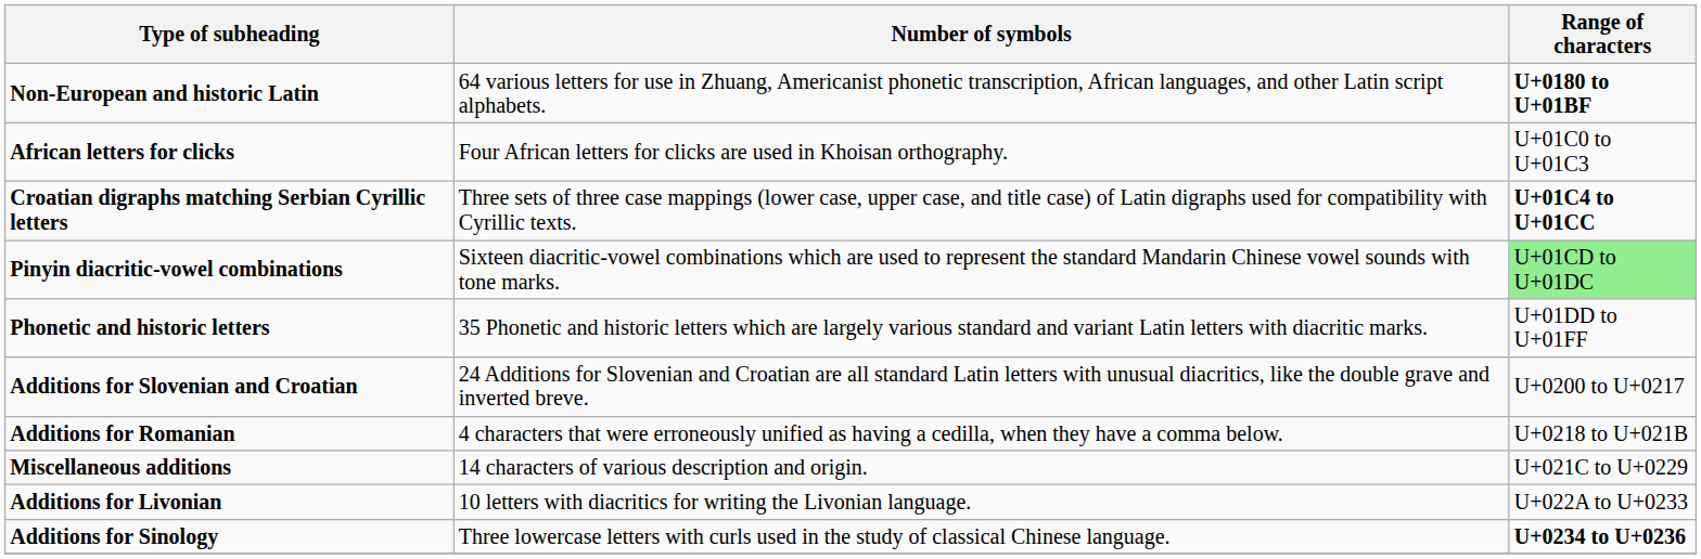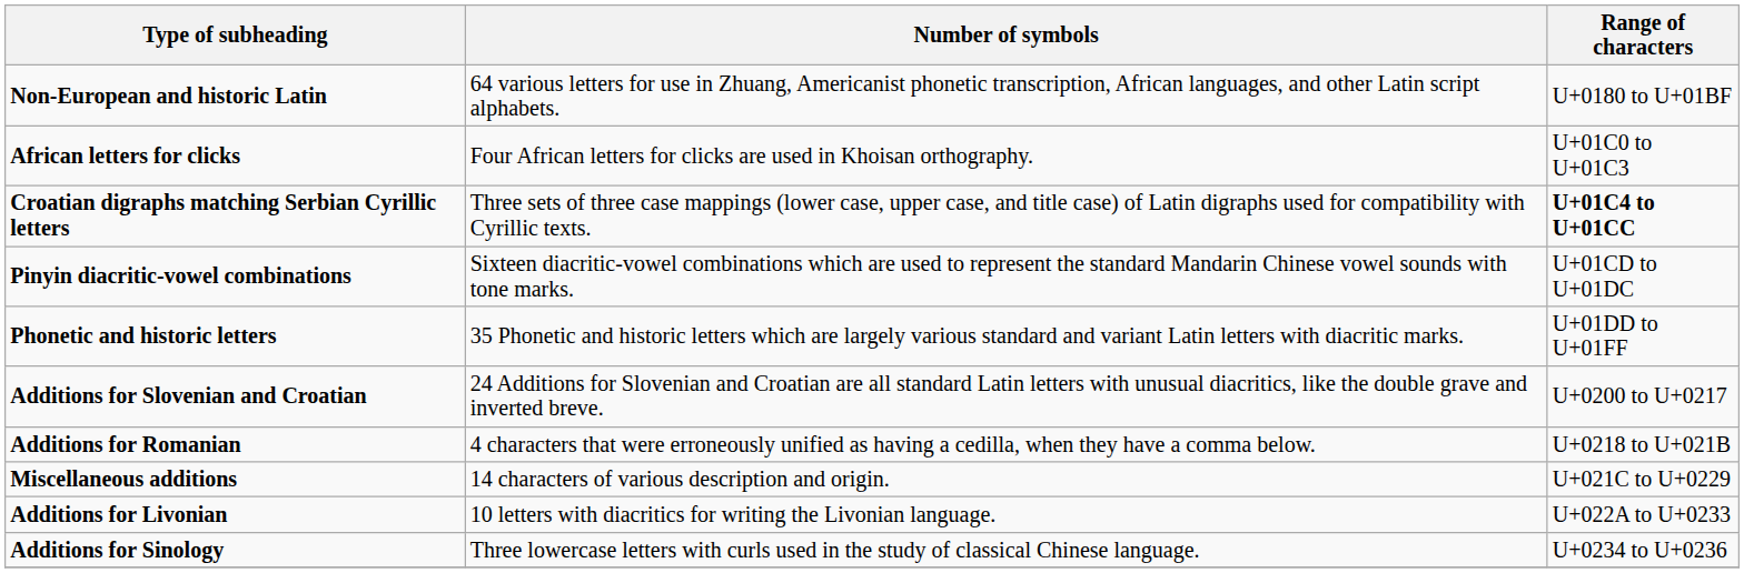 <table class="wikitable">
 <tr>
 <th>Type of subheading</th>
 <th>Number of symbols</th>
 <th>Range of characters</th>
 </tr>
 <tr>
 <td><strong>Non-European and historic Latin</strong></td>
 <td>64 various letters for use in Zhuang, Americanist phonetic transcription, African languages, and other Latin script alphabets.</td>
-<td><strong>U+0180 to U+01BF</strong></td>
+<td>U+0180 to U+01BF</td>
 </tr>
 <tr>
 <td><strong>African letters for clicks</strong></td>
 <td>Four African letters for clicks are used in Khoisan orthography.</td>
 <td>U+01C0 to U+01C3</td>
 </tr>
 <tr>
 <td><strong>Croatian digraphs matching Serbian Cyrillic letters</strong></td>
 <td>Three sets of three case mappings (lower case, upper case, and title case) of Latin digraphs used for compatibility with Cyrillic texts.</td>
 <td><strong>U+01C4 to U+01CC</strong></td>
 </tr>
 <tr>
 <td><strong>Pinyin diacritic-vowel combinations</strong></td>
 <td>Sixteen diacritic-vowel combinations which are used to represent the standard Mandarin Chinese vowel sounds with tone marks.</td>
-<td style="background: lightgreen;">U+01CD to U+01DC</td>
+<td>U+01CD to U+01DC</td>
 </tr>
 <tr>
 <td><strong>Phonetic and historic letters</strong></td>
 <td>35 Phonetic and historic letters which are largely various standard and variant Latin letters with diacritic marks.</td>
 <td>U+01DD to U+01FF</td>
 </tr>
 <tr>
 <td><strong>Additions for Slovenian and Croatian</strong></td>
 <td>24 Additions for Slovenian and Croatian are all standard Latin letters with unusual diacritics, like the double grave and inverted breve.</td>
 <td>U+0200 to U+0217</td>
 </tr>
 <tr>
 <td><strong>Additions for Romanian</strong></td>
 <td>4 characters that were erroneously unified as having a cedilla, when they have a comma below.</td>
 <td>U+0218 to U+021B</td>
 </tr>
 <tr>
 <td><strong>Miscellaneous additions</strong></td>
 <td>14 characters of various description and origin.</td>
 <td>U+021C to U+0229</td>
 </tr>
 <tr>
 <td><strong>Additions for Livonian</strong></td>
 <td>10 letters with diacritics for writing the Livonian language.</td>
 <td>U+022A to U+0233</td>
 </tr>
 <tr>
 <td><strong>Additions for Sinology</strong></td>
 <td>Three lowercase letters with curls used in the study of classical Chinese language.</td>
-<td><strong>U+0234 to U+0236</strong></td>
+<td>U+0234 to U+0236</td>
 </tr>
 <tr>
 </tr>
 </table>
